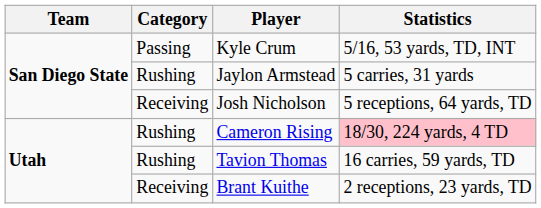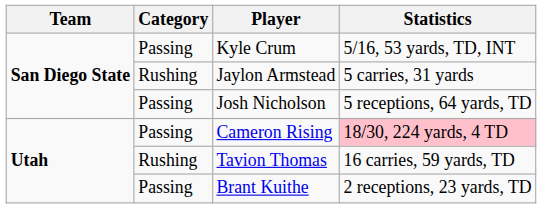 <table class="wikitable" style="float: right;">
 <tr>
 <th>Team</th>
 <th>Category</th>
 <th>Player</th>
 <th>Statistics</th>
 </tr>
 <tr>
 <td rowspan=3><strong>San Diego State</strong></td>
 <td>Passing</td>
 <td>Kyle Crum</td>
 <td>5/16, 53 yards, TD, INT</td>
 </tr>
 <tr>
 <td>Rushing</td>
 <td>Jaylon Armstead</td>
 <td>5 carries, 31 yards</td>
 </tr>
 <tr>
-<td>Receiving</td>
+<td>Passing</td>
 <td>Josh Nicholson</td>
 <td>5 receptions, 64 yards, TD</td>
 </tr>
 <tr>
 <td rowspan=3><strong>Utah</strong></td>
-<td>Rushing</td>
+<td>Passing</td>
 <td><a href='#'>Cameron Rising</a></td>
 <td style="background: pink;">18/30, 224 yards, 4 TD</td>
 </tr>
 <tr>
 <td>Rushing</td>
 <td><a href='#'>Tavion Thomas</a></td>
 <td>16 carries, 59 yards, TD</td>
 </tr>
 <tr>
-<td>Receiving</td>
+<td>Passing</td>
 <td><a href='#'>Brant Kuithe</a></td>
 <td>2 receptions, 23 yards, TD</td>
 </tr>
 </table>
